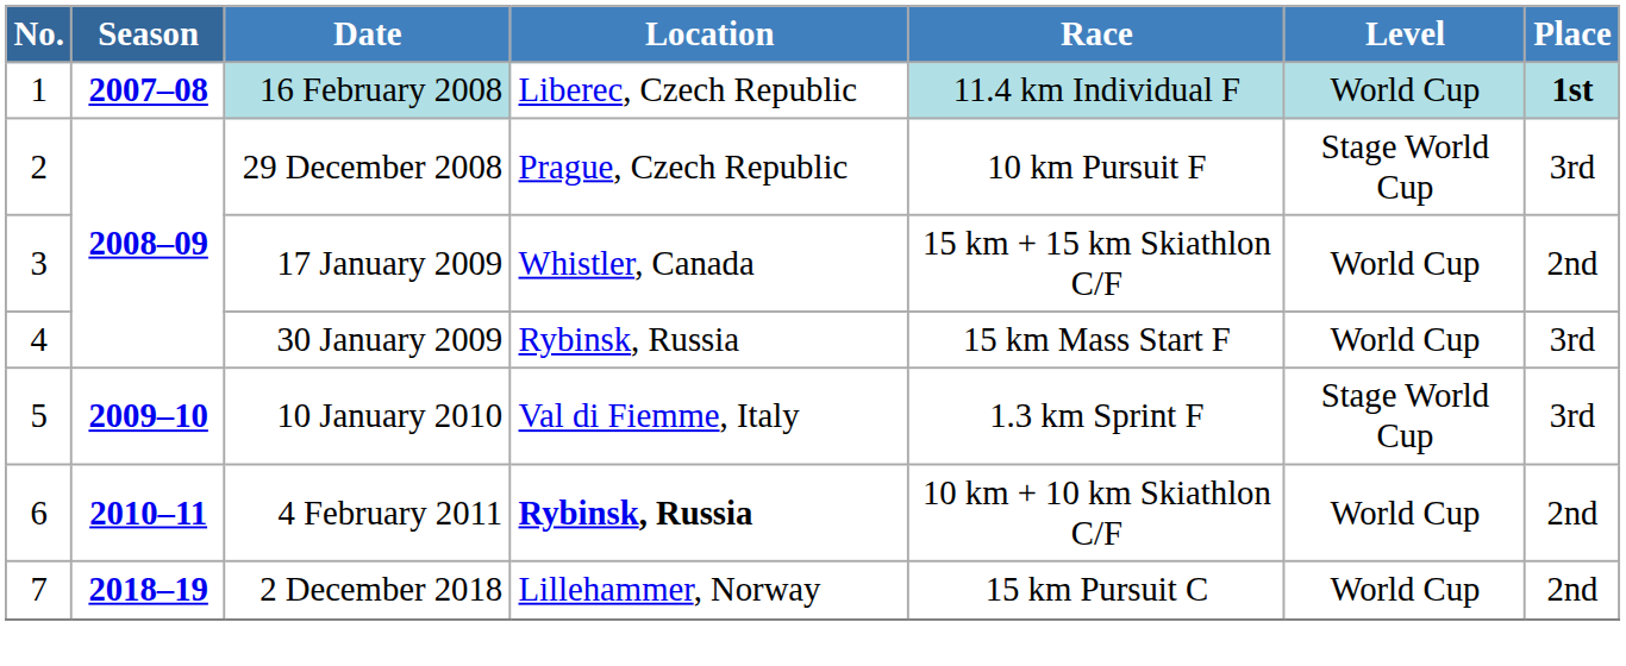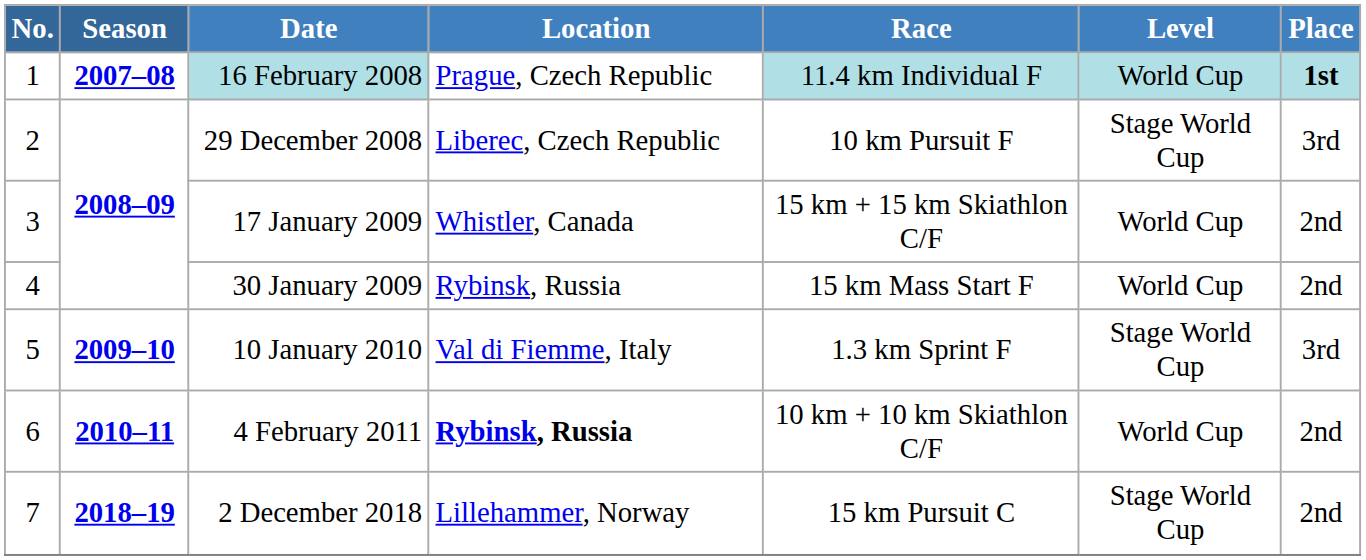 <table class="wikitable sortable" style="font-size:95%; text-align:center; border:grey solid 1px; border-collapse:collapse; background:#ffffff;">
 <tr style="background:#efefef;">
 <th style="background-color:#369; color:white;">No.</th>
 <th style="background-color:#369; color:white;">Season</th>
 <th style="background-color:#4180be; color:white; width:120px;">Date</th>
 <th style="background-color:#4180be; color:white; width:170px;">Location</th>
 <th style="background-color:#4180be; color:white; width:160px;">Race</th>
 <th style="background-color:#4180be; color:white; width:100px;">Level</th>
 <th style="background-color:#4180be; color:white;">Place</th>
 </tr>
 <tr>
 <td align=center>1</td>
 <td rowspan=1 align=center><strong><a href='#'>2007–08</a></strong></td>
 <td bgcolor="#BOEOE6" align=right>16 February 2008</td>
-<td align=left> <a href='#'>Liberec</a>, Czech Republic</td>
+<td align=left> <a href='#'>Prague</a>, Czech Republic</td>
 <td bgcolor="#BOEOE6">11.4 km Individual F</td>
 <td bgcolor="#BOEOE6">World Cup</td>
 <td bgcolor="#BOEOE6"><strong>1st</strong></td>
 </tr>
 <tr>
 <td align=center>2</td>
 <td rowspan=3 align=center><strong> <a href='#'>2008–09</a> </strong></td>
 <td align=right>29 December 2008</td>
-<td align=left> <a href='#'>Prague</a>, Czech Republic</td>
+<td align=left> <a href='#'>Liberec</a>, Czech Republic</td>
 <td>10 km Pursuit F</td>
 <td>Stage World Cup</td>
 <td>3rd</td>
 </tr>
 <tr>
 <td align=center>3</td>
 <td align=right>17 January 2009</td>
 <td align=left> <a href='#'>Whistler</a>, Canada</td>
 <td>15 km + 15 km Skiathlon C/F</td>
 <td>World Cup</td>
 <td>2nd</td>
 </tr>
 <tr>
 <td align=center>4</td>
 <td align=right>30 January 2009</td>
 <td align=left> <a href='#'>Rybinsk</a>, Russia</td>
 <td>15 km Mass Start F</td>
 <td>World Cup</td>
-<td>3rd</td>
+<td>2nd</td>
 </tr>
 <tr>
 <td align=center>5</td>
 <td rowspan=1 align=center><strong> <a href='#'>2009–10</a> </strong></td>
 <td align=right>10 January 2010</td>
 <td align=left> <a href='#'>Val di Fiemme</a>, Italy</td>
 <td>1.3 km Sprint F</td>
 <td>Stage World Cup</td>
 <td>3rd</td>
 </tr>
 <tr>
 <td align=center>6</td>
 <td rowspan=1 align=center><strong> <a href='#'>2010–11</a> </strong></td>
 <td align=right>4 February 2011</td>
 <td align=left><strong> <a href='#'>Rybinsk</a>, Russia</strong></td>
 <td>10 km + 10 km Skiathlon C/F</td>
 <td>World Cup</td>
 <td>2nd</td>
 </tr>
 <tr>
 <td align=center>7</td>
 <td rowspan=1 align=center><strong> <a href='#'>2018–19</a> </strong></td>
 <td align=right>2 December 2018</td>
 <td align=left> <a href='#'>Lillehammer</a>, Norway</td>
 <td>15 km Pursuit C</td>
-<td>World Cup</td>
+<td>Stage World Cup</td>
 <td>2nd</td>
 </tr>
 <tr>
 </tr>
 </table>
